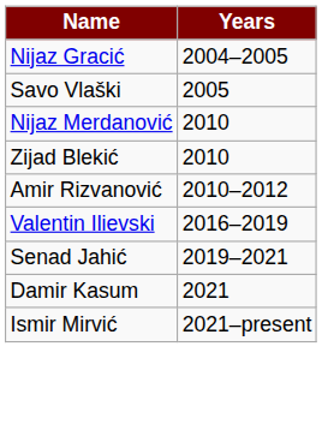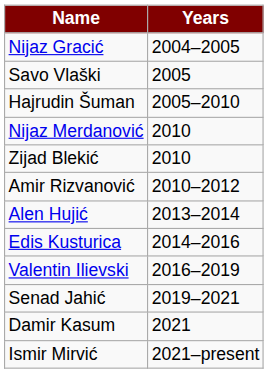 <table class="wikitable" style="display:inline-table">
 <tr>
 <th style="color:#FFFFFF;background:#800000;">Name</th>
 <th style="color:#FFFFFF;background:#800000;">Years</th>
 </tr>
 <tr>
 <td> <a href='#'>Nijaz Gracić</a></td>
 <td>2004–2005</td>
 </tr>
 <tr>
 <td> Savo Vlaški</td>
 <td>2005</td>
 </tr>
 <tr>
+<td> Hajrudin Šuman</td>
+<td>2005–2010</td>
+</tr>
+<tr>
 <td> <a href='#'>Nijaz Merdanović</a></td>
 <td>2010</td>
 </tr>
 <tr>
 <td> Zijad Blekić</td>
 <td>2010</td>
 </tr>
 <tr>
 <td> Amir Rizvanović</td>
 <td>2010–2012</td>
+</tr>
+<tr>
+<td> <a href='#'>Alen Hujić</a></td>
+<td>2013–2014</td>
+</tr>
+<tr>
+<td> <a href='#'>Edis Kusturica</a></td>
+<td>2014–2016</td>
 </tr>
 <tr>
 <td>  <a href='#'>Valentin Ilievski</a></td>
 <td>2016–2019</td>
 </tr>
 <tr>
 <td> Senad Jahić</td>
 <td>2019–2021</td>
 </tr>
 <tr>
 <td> Damir Kasum</td>
 <td>2021</td>
 </tr>
 <tr>
 <td>  Ismir Mirvić</td>
 <td>2021–present</td>
 </tr>
 </table>
